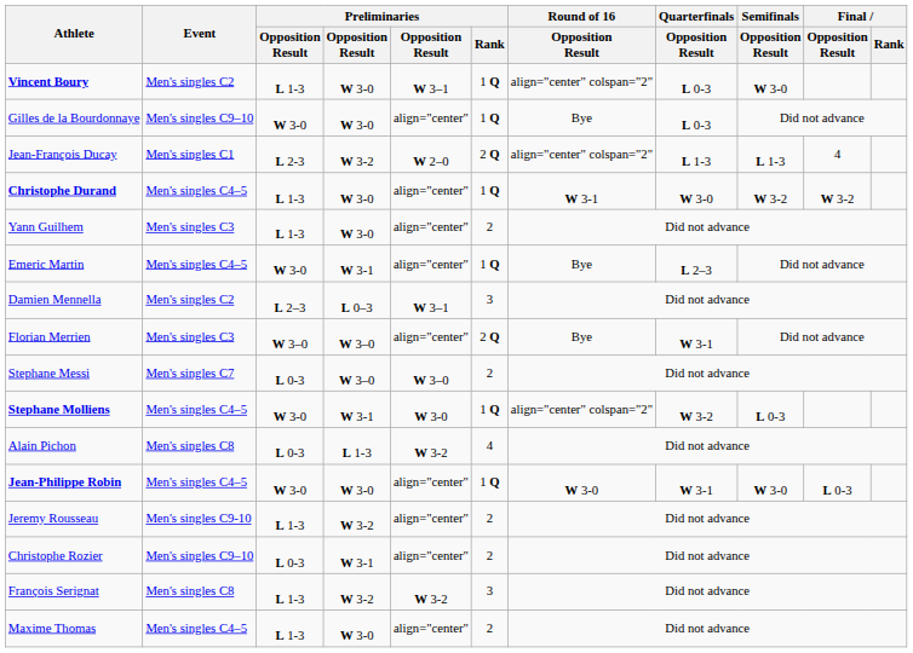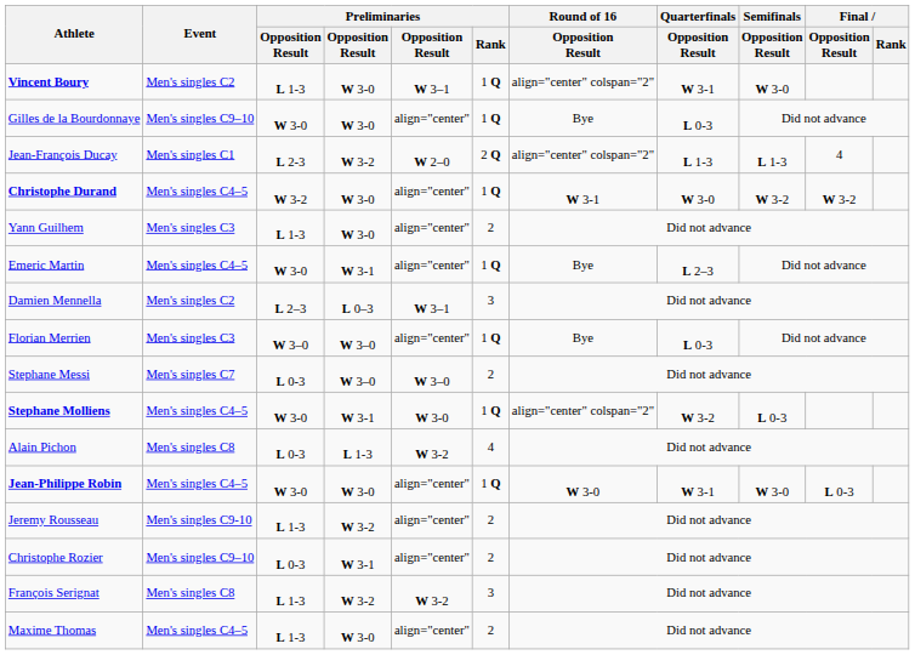 <table class=wikitable style="font-size:90%">
 <tr>
 <th rowspan="2">Athlete</th>
 <th rowspan="2">Event</th>
 <th colspan="4">Preliminaries</th>
 <th>Round of 16</th>
 <th>Quarterfinals</th>
 <th>Semifinals</th>
 <th colspan="2">Final / </th>
 </tr>
 <tr>
 <th>Opposition<br>Result</th>
 <th>Opposition<br>Result</th>
 <th>Opposition<br>Result</th>
 <th>Rank</th>
 <th>Opposition<br>Result</th>
 <th>Opposition<br>Result</th>
 <th>Opposition<br>Result</th>
 <th>Opposition<br>Result</th>
 <th>Rank</th>
 </tr>
 <tr>
 <td><strong><a href='#'>Vincent Boury</a></strong></td>
 <td><a href='#'>Men's singles C2</a></td>
 <td align="center"><br><strong>L</strong> 1-3</td>
 <td align="center"><br><strong>W</strong> 3-0</td>
 <td align="center"><br><strong>W</strong> 3–1</td>
 <td align="center">1 <strong>Q</strong></td>
 <td>align="center" colspan="2" </td>
-<td align="center"><br><strong>L</strong> 0-3</td>
+<td align="center"><br><strong>W</strong> 3-1</td>
 <td align="center"><br><strong>W</strong> 3-0</td>
 <td align="center"></td>
 </tr>
 <tr>
 <td><a href='#'>Gilles de la Bourdonnaye</a></td>
 <td><a href='#'>Men's singles C9–10</a></td>
 <td align="center"><br><strong>W</strong> 3-0</td>
 <td align="center"><br><strong>W</strong> 3-0</td>
 <td>align="center" </td>
 <td align="center">1 <strong>Q</strong></td>
 <td align="center">Bye</td>
 <td align="center"><br><strong>L</strong> 0-3</td>
 <td align="center" colspan="3">Did not advance</td>
 </tr>
 <tr>
 <td><a href='#'>Jean-François Ducay</a></td>
 <td><a href='#'>Men's singles C1</a></td>
 <td align="center"><br><strong>L</strong> 2-3</td>
 <td align="center"><br><strong>W</strong> 3-2</td>
 <td align="center"><br><strong>W</strong> 2–0</td>
 <td align="center">2 <strong>Q</strong></td>
 <td>align="center" colspan="2" </td>
 <td align="center"><br><strong>L</strong> 1-3</td>
 <td align="center"><br><strong>L</strong> 1-3</td>
 <td align="center">4</td>
 </tr>
 <tr>
 <td><strong><a href='#'>Christophe Durand</a></strong></td>
 <td><a href='#'>Men's singles C4–5</a></td>
-<td align="center"><br><strong>L</strong> 1-3</td>
+<td align="center"><br><strong>W</strong> 3-2</td>
 <td align="center"><br><strong>W</strong> 3-0</td>
 <td>align="center" </td>
 <td align="center">1 <strong>Q</strong></td>
 <td align="center"><br><strong>W</strong> 3-1</td>
 <td align="center"><br><strong>W</strong> 3-0</td>
 <td align="center"><br><strong>W</strong> 3-2</td>
 <td align="center"><br><strong>W</strong> 3-2</td>
 <td align="center"></td>
 </tr>
 <tr>
 <td><a href='#'>Yann Guilhem</a></td>
 <td><a href='#'>Men's singles C3</a></td>
 <td align="center"><br><strong>L</strong> 1-3</td>
 <td align="center"><br><strong>W</strong> 3-0</td>
 <td>align="center" </td>
 <td align="center">2</td>
 <td align="center" colspan="5">Did not advance</td>
 </tr>
 <tr>
 <td><a href='#'>Emeric Martin</a></td>
 <td><a href='#'>Men's singles C4–5</a></td>
 <td align="center"><br><strong>W</strong> 3-0</td>
 <td align="center"><br><strong>W</strong> 3-1</td>
 <td>align="center" </td>
 <td align="center">1 <strong>Q</strong></td>
 <td align="center">Bye</td>
 <td align="center"><br><strong>L</strong> 2–3</td>
 <td align="center" colspan="3">Did not advance</td>
 </tr>
 <tr>
 <td><a href='#'>Damien Mennella</a></td>
 <td><a href='#'>Men's singles C2</a></td>
 <td align="center"><br><strong>L</strong> 2–3</td>
 <td align="center"><br><strong>L</strong> 0–3</td>
 <td align="center"><br><strong>W</strong> 3–1</td>
 <td align="center">3</td>
 <td align="center" colspan="5">Did not advance</td>
 </tr>
 <tr>
 <td><a href='#'>Florian Merrien</a></td>
 <td><a href='#'>Men's singles C3</a></td>
 <td align="center"><br><strong>W</strong> 3–0</td>
 <td align="center"><br><strong>W</strong> 3–0</td>
 <td>align="center" </td>
-<td align="center">2 <strong>Q</strong></td>
+<td align="center">1 <strong>Q</strong></td>
 <td align="center">Bye</td>
-<td align="center"><br><strong>W</strong> 3-1</td>
+<td align="center"><br><strong>L</strong> 0-3</td>
 <td align="center" colspan="3">Did not advance</td>
 </tr>
 <tr>
 <td><a href='#'>Stephane Messi</a></td>
 <td><a href='#'>Men's singles C7</a></td>
 <td align="center"><br><strong>L</strong> 0-3</td>
 <td align="center"><br><strong>W</strong> 3–0</td>
 <td align="center"><br><strong>W</strong> 3–0</td>
 <td align="center">2</td>
 <td align="center" colspan="5">Did not advance</td>
 </tr>
 <tr>
 <td><strong><a href='#'>Stephane Molliens</a></strong></td>
 <td><a href='#'>Men's singles C4–5</a></td>
 <td align="center"><br><strong>W</strong> 3-0</td>
 <td align="center"><br><strong>W</strong> 3-1</td>
 <td align="center"><br><strong>W</strong> 3-0</td>
 <td align="center">1 <strong>Q</strong></td>
 <td>align="center" colspan="2" </td>
 <td align="center"><br><strong>W</strong> 3-2</td>
 <td align="center"><br><strong>L</strong> 0-3</td>
 <td align="center"></td>
 </tr>
 <tr>
 <td><a href='#'>Alain Pichon</a></td>
 <td><a href='#'>Men's singles C8</a></td>
 <td align="center"><br><strong>L</strong> 0-3</td>
 <td align="center"><br><strong>L</strong> 1-3</td>
 <td align="center"><br><strong>W</strong> 3-2</td>
 <td align="center">4</td>
 <td align="center" colspan="5">Did not advance</td>
 </tr>
 <tr>
 <td><strong><a href='#'>Jean-Philippe Robin</a></strong></td>
 <td><a href='#'>Men's singles C4–5</a></td>
 <td align="center"><br><strong>W</strong> 3-0</td>
 <td align="center"><br><strong>W</strong> 3-0</td>
 <td>align="center" </td>
 <td align="center">1 <strong>Q</strong></td>
 <td align="center"><br><strong>W</strong> 3-0</td>
 <td align="center"><br><strong>W</strong> 3-1</td>
 <td align="center"><br><strong>W</strong> 3-0</td>
 <td align="center"><br><strong>L</strong> 0-3</td>
 <td align="center"></td>
 </tr>
 <tr>
 <td><a href='#'>Jeremy Rousseau</a></td>
 <td><a href='#'>Men's singles C9-10</a></td>
 <td align="center"><br><strong>L</strong> 1-3</td>
 <td align="center"><br><strong>W</strong> 3-2</td>
 <td>align="center" </td>
 <td align="center">2</td>
 <td align="center" colspan="5">Did not advance</td>
 </tr>
 <tr>
 <td><a href='#'>Christophe Rozier</a></td>
 <td><a href='#'>Men's singles C9–10</a></td>
 <td align="center"><br><strong>L</strong> 0-3</td>
 <td align="center"><br><strong>W</strong> 3-1</td>
 <td>align="center" </td>
 <td align="center">2</td>
 <td align="center" colspan="5">Did not advance</td>
 </tr>
 <tr>
 <td><a href='#'>François Serignat</a></td>
 <td><a href='#'>Men's singles C8</a></td>
 <td align="center"><br><strong>L</strong> 1-3</td>
 <td align="center"><br><strong>W</strong> 3-2</td>
 <td align="center"><br><strong>W</strong> 3-2</td>
 <td align="center">3</td>
 <td align="center" colspan="5">Did not advance</td>
 </tr>
 <tr>
 <td><a href='#'>Maxime Thomas</a></td>
 <td><a href='#'>Men's singles C4–5</a></td>
 <td align="center"><br><strong>L</strong> 1-3</td>
 <td align="center"><br><strong>W</strong> 3-0</td>
 <td>align="center" </td>
 <td align="center">2</td>
 <td align="center" colspan="5">Did not advance</td>
 </tr>
 </table>
